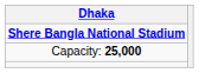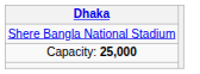 <table class="wikitable" style="text-align:center">
 <tr>
 <th><a href='#'>Dhaka</a></th>
 <th rowspan="4"></th>
 </tr>
 <tr>
-<td><strong><a href='#'>Shere Bangla National Stadium</a></strong></td>
+<td><a href='#'>Shere Bangla National Stadium</a></td>
 </tr>
 <tr>
 <td>Capacity: <strong>25,000</strong></td>
 </tr>
 <tr>
 <td></td>
 </tr>
 </table>
